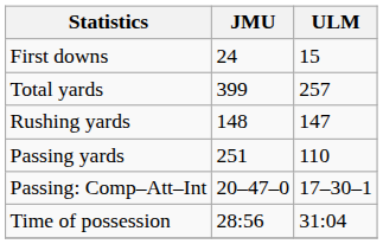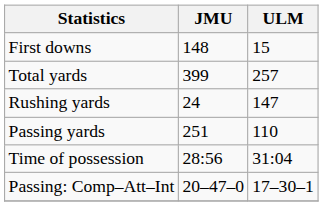 <table class="wikitable" style="float: left;">
 <tr>
 <th>Statistics</th>
 <th>JMU</th>
 <th>ULM</th>
 </tr>
 <tr>
 <td>First downs</td>
-<td>24</td>
+<td>148</td>
 <td>15</td>
 </tr>
 <tr>
 <td>Total yards</td>
 <td>399</td>
 <td>257</td>
 </tr>
 <tr>
 <td>Rushing yards</td>
-<td>148</td>
+<td>24</td>
 <td>147</td>
 </tr>
 <tr>
 <td>Passing yards</td>
 <td>251</td>
 <td>110</td>
 </tr>
 <tr>
+<td>Time of possession</td>
+<td>28:56</td>
+<td>31:04</td>
+</tr>
+<tr>
 <td>Passing: Comp–Att–Int</td>
 <td>20–47–0</td>
 <td>17–30–1</td>
 </tr>
 <tr>
-<td>Time of possession</td>
-<td>28:56</td>
-<td>31:04</td>
-</tr>
-<tr>
 </tr>
 </table>
